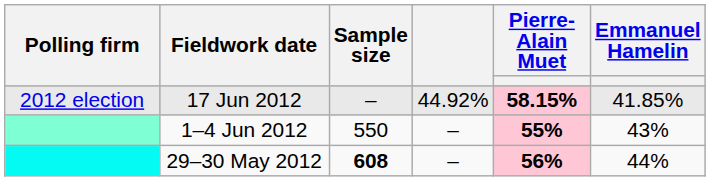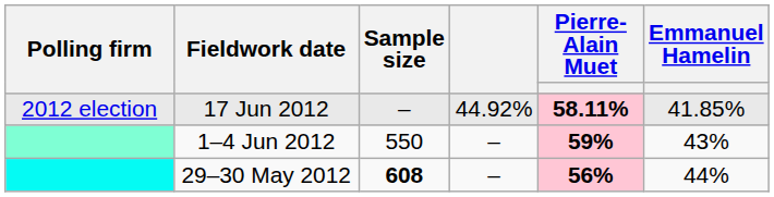 <table class="wikitable sortable" style="text-align:center;font-size:90%;line-height:14px;">
 <tr style="height:40px;">
 <th style="width:100px;" rowspan="2">Polling firm</th>
 <th style="width:110px;" rowspan="2">Fieldwork date</th>
 <th style="width:35px;" rowspan="2">Sample<br>size</th>
 <th style="width:30px;" rowspan="2"></th>
 <th class="unsortable" style="width:60px;"><a href='#'>Pierre-Alain Muet</a><br></th>
 <th class="unsortable" style="width:60px;"><a href='#'>Emmanuel Hamelin</a><br></th>
 </tr>
 <tr>
 <th style="background:"></th>
 <th style="background:"></th>
 </tr>
 <tr style="background:#E9E9E9;">
 <td><a href='#'>2012 election</a></td>
 <td data-sort-value="2012-06-17">17 Jun 2012</td>
 <td>–</td>
 <td>44.92%</td>
-<td style="background:#FFC6D5;"><strong>58.15%</strong></td>
+<td style="background:#FFC6D5;"><strong>58.11%</strong></td>
 <td>41.85%</td>
 </tr>
 <tr>
 <td style="background:aquamarine;"></td>
 <td data-sort-value="2012-06-04">1–4 Jun 2012</td>
 <td>550</td>
 <td>–</td>
-<td style="background:#FFC6D5;"><strong>55%</strong></td>
+<td style="background:#FFC6D5;"><strong>59%</strong></td>
 <td>43%</td>
 </tr>
 <tr>
 <td style="background:#04FBF4;"></td>
 <td data-sort-value="2012-05-30">29–30 May 2012</td>
 <td><strong>608</strong></td>
 <td>–</td>
 <td style="background:#FFC6D5;"><strong>56%</strong></td>
 <td>44%</td>
 </tr>
 </table>
